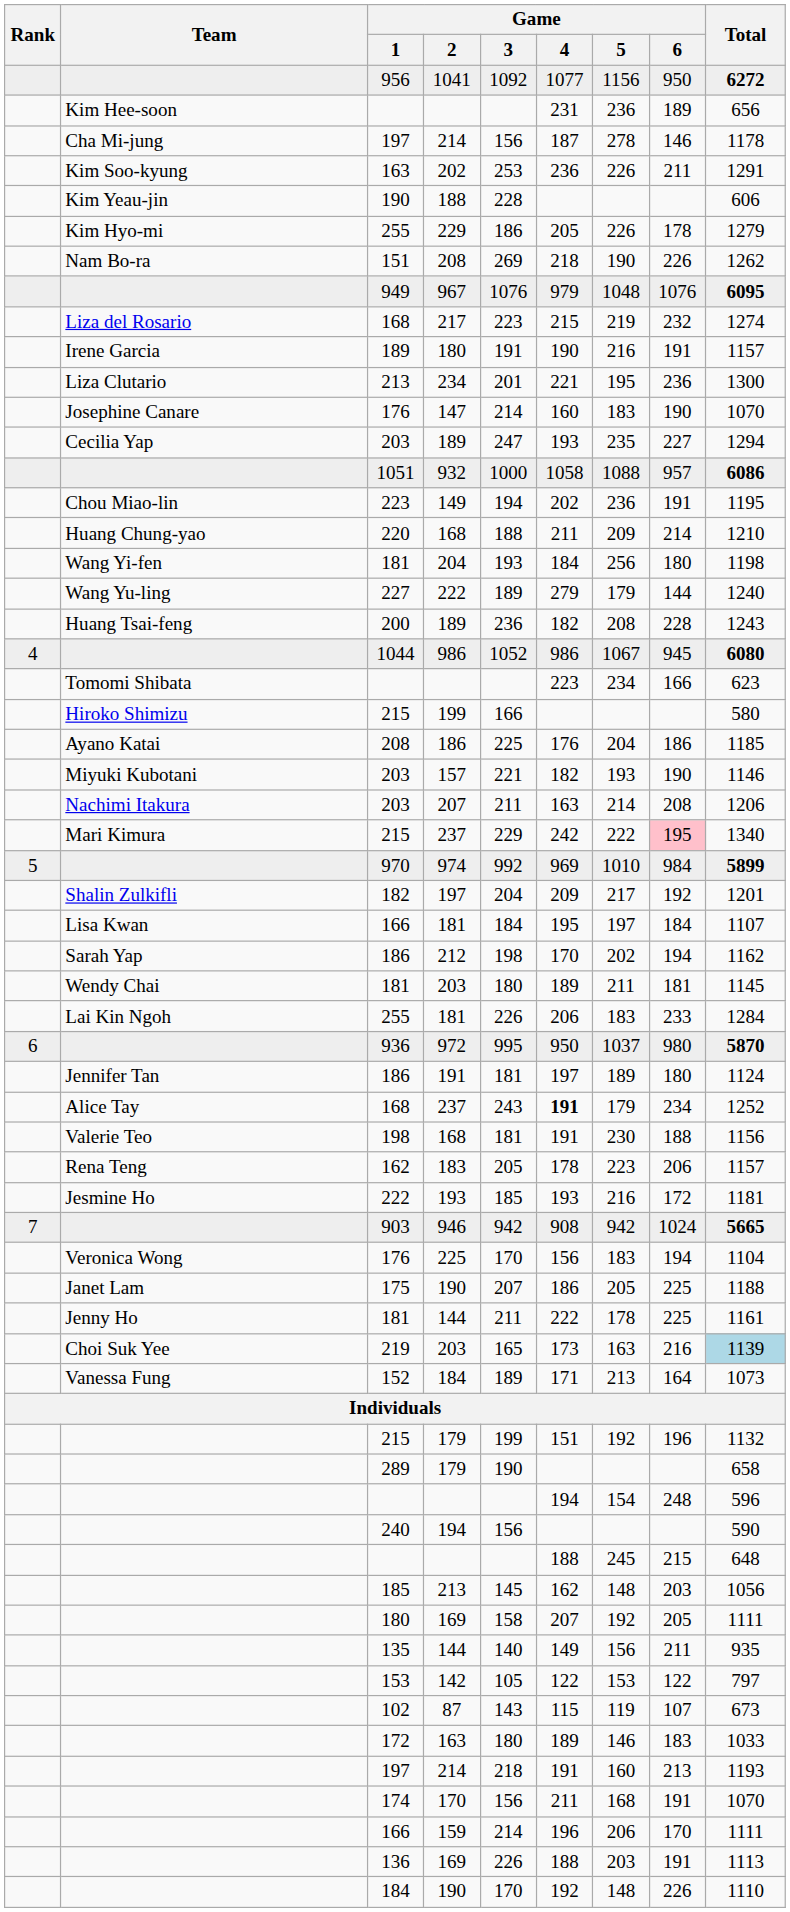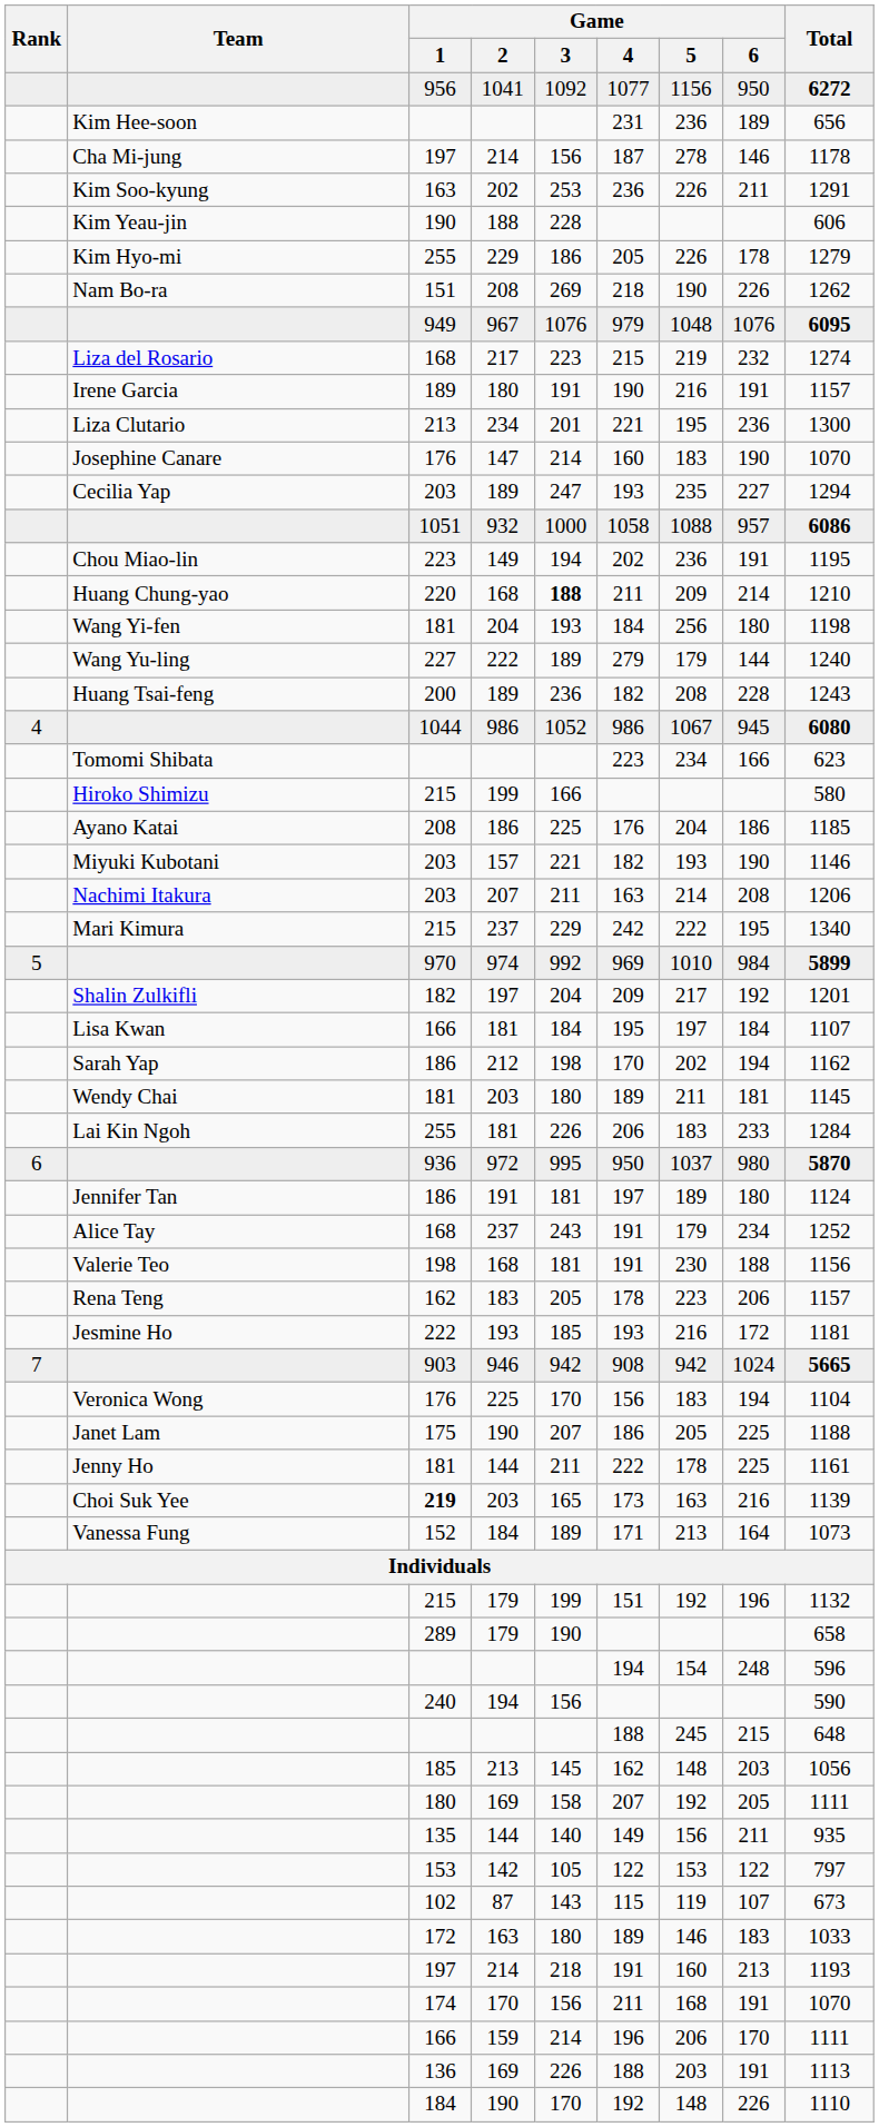 <table class=wikitable style="text-align:center">
 <tr>
 <th rowspan="2" width=40>Rank</th>
 <th rowspan="2" width=250>Team</th>
 <th colspan="6">Game</th>
 <th rowspan="2" width=60>Total</th>
 </tr>
 <tr>
 <th width=40>1</th>
 <th width=40>2</th>
 <th width=40>3</th>
 <th width=40>4</th>
 <th width=40>5</th>
 <th width=40>6</th>
 </tr>
 <tr bgcolor=eeeeee>
 <td></td>
 <td align="left"></td>
 <td>956</td>
 <td>1041</td>
 <td>1092</td>
 <td>1077</td>
 <td>1156</td>
 <td>950</td>
 <td><strong>6272</strong></td>
 </tr>
 <tr>
 <td></td>
 <td align=left>Kim Hee-soon</td>
 <td></td>
 <td></td>
 <td></td>
 <td>231</td>
 <td>236</td>
 <td>189</td>
 <td>656</td>
 </tr>
 <tr>
 <td></td>
 <td align=left>Cha Mi-jung</td>
 <td>197</td>
 <td>214</td>
 <td>156</td>
 <td>187</td>
 <td>278</td>
 <td>146</td>
 <td>1178</td>
 </tr>
 <tr>
 <td></td>
 <td align=left>Kim Soo-kyung</td>
 <td>163</td>
 <td>202</td>
 <td>253</td>
 <td>236</td>
 <td>226</td>
 <td>211</td>
 <td>1291</td>
 </tr>
 <tr>
 <td></td>
 <td align=left>Kim Yeau-jin</td>
 <td>190</td>
 <td>188</td>
 <td>228</td>
 <td></td>
 <td></td>
 <td></td>
 <td>606</td>
 </tr>
 <tr>
 <td></td>
 <td align=left>Kim Hyo-mi</td>
 <td>255</td>
 <td>229</td>
 <td>186</td>
 <td>205</td>
 <td>226</td>
 <td>178</td>
 <td>1279</td>
 </tr>
 <tr>
 <td></td>
 <td align=left>Nam Bo-ra</td>
 <td>151</td>
 <td>208</td>
 <td>269</td>
 <td>218</td>
 <td>190</td>
 <td>226</td>
 <td>1262</td>
 </tr>
 <tr bgcolor=eeeeee>
 <td></td>
 <td align="left"></td>
 <td>949</td>
 <td>967</td>
 <td>1076</td>
 <td>979</td>
 <td>1048</td>
 <td>1076</td>
 <td><strong>6095</strong></td>
 </tr>
 <tr>
 <td></td>
 <td align=left><a href='#'>Liza del Rosario</a></td>
 <td>168</td>
 <td>217</td>
 <td>223</td>
 <td>215</td>
 <td>219</td>
 <td>232</td>
 <td>1274</td>
 </tr>
 <tr>
 <td></td>
 <td align=left>Irene Garcia</td>
 <td>189</td>
 <td>180</td>
 <td>191</td>
 <td>190</td>
 <td>216</td>
 <td>191</td>
 <td>1157</td>
 </tr>
 <tr>
 <td></td>
 <td align=left>Liza Clutario</td>
 <td>213</td>
 <td>234</td>
 <td>201</td>
 <td>221</td>
 <td>195</td>
 <td>236</td>
 <td>1300</td>
 </tr>
 <tr>
 <td></td>
 <td align=left>Josephine Canare</td>
 <td>176</td>
 <td>147</td>
 <td>214</td>
 <td>160</td>
 <td>183</td>
 <td>190</td>
 <td>1070</td>
 </tr>
 <tr>
 <td></td>
 <td align=left>Cecilia Yap</td>
 <td>203</td>
 <td>189</td>
 <td>247</td>
 <td>193</td>
 <td>235</td>
 <td>227</td>
 <td>1294</td>
 </tr>
 <tr bgcolor=eeeeee>
 <td></td>
 <td align="left"></td>
 <td>1051</td>
 <td>932</td>
 <td>1000</td>
 <td>1058</td>
 <td>1088</td>
 <td>957</td>
 <td><strong>6086</strong></td>
 </tr>
 <tr>
 <td></td>
 <td align=left>Chou Miao-lin</td>
 <td>223</td>
 <td>149</td>
 <td>194</td>
 <td>202</td>
 <td>236</td>
 <td>191</td>
 <td>1195</td>
 </tr>
 <tr>
 <td></td>
 <td align=left>Huang Chung-yao</td>
 <td>220</td>
 <td>168</td>
-<td>188</td>
+<td><strong>188</strong></td>
 <td>211</td>
 <td>209</td>
 <td>214</td>
 <td>1210</td>
 </tr>
 <tr>
 <td></td>
 <td align=left>Wang Yi-fen</td>
 <td>181</td>
 <td>204</td>
 <td>193</td>
 <td>184</td>
 <td>256</td>
 <td>180</td>
 <td>1198</td>
 </tr>
 <tr>
 <td></td>
 <td align=left>Wang Yu-ling</td>
 <td>227</td>
 <td>222</td>
 <td>189</td>
 <td>279</td>
 <td>179</td>
 <td>144</td>
 <td>1240</td>
 </tr>
 <tr>
 <td></td>
 <td align=left>Huang Tsai-feng</td>
 <td>200</td>
 <td>189</td>
 <td>236</td>
 <td>182</td>
 <td>208</td>
 <td>228</td>
 <td>1243</td>
 </tr>
 <tr bgcolor=eeeeee>
 <td>4</td>
 <td align="left"></td>
 <td>1044</td>
 <td>986</td>
 <td>1052</td>
 <td>986</td>
 <td>1067</td>
 <td>945</td>
 <td><strong>6080</strong></td>
 </tr>
 <tr>
 <td></td>
 <td align=left>Tomomi Shibata</td>
 <td></td>
 <td></td>
 <td></td>
 <td>223</td>
 <td>234</td>
 <td>166</td>
 <td>623</td>
 </tr>
 <tr>
 <td></td>
 <td align=left><a href='#'>Hiroko Shimizu</a></td>
 <td>215</td>
 <td>199</td>
 <td>166</td>
 <td></td>
 <td></td>
 <td></td>
 <td>580</td>
 </tr>
 <tr>
 <td></td>
 <td align=left>Ayano Katai</td>
 <td>208</td>
 <td>186</td>
 <td>225</td>
 <td>176</td>
 <td>204</td>
 <td>186</td>
 <td>1185</td>
 </tr>
 <tr>
 <td></td>
 <td align=left>Miyuki Kubotani</td>
 <td>203</td>
 <td>157</td>
 <td>221</td>
 <td>182</td>
 <td>193</td>
 <td>190</td>
 <td>1146</td>
 </tr>
 <tr>
 <td></td>
 <td align=left><a href='#'>Nachimi Itakura</a></td>
 <td>203</td>
 <td>207</td>
 <td>211</td>
 <td>163</td>
 <td>214</td>
 <td>208</td>
 <td>1206</td>
 </tr>
 <tr>
 <td></td>
 <td align=left>Mari Kimura</td>
 <td>215</td>
 <td>237</td>
 <td>229</td>
 <td>242</td>
 <td>222</td>
-<td style="background: pink;">195</td>
+<td>195</td>
 <td>1340</td>
 </tr>
 <tr bgcolor=eeeeee>
 <td>5</td>
 <td align="left"></td>
 <td>970</td>
 <td>974</td>
 <td>992</td>
 <td>969</td>
 <td>1010</td>
 <td>984</td>
 <td><strong>5899</strong></td>
 </tr>
 <tr>
 <td></td>
 <td align=left><a href='#'>Shalin Zulkifli</a></td>
 <td>182</td>
 <td>197</td>
 <td>204</td>
 <td>209</td>
 <td>217</td>
 <td>192</td>
 <td>1201</td>
 </tr>
 <tr>
 <td></td>
 <td align=left>Lisa Kwan</td>
 <td>166</td>
 <td>181</td>
 <td>184</td>
 <td>195</td>
 <td>197</td>
 <td>184</td>
 <td>1107</td>
 </tr>
 <tr>
 <td></td>
 <td align=left>Sarah Yap</td>
 <td>186</td>
 <td>212</td>
 <td>198</td>
 <td>170</td>
 <td>202</td>
 <td>194</td>
 <td>1162</td>
 </tr>
 <tr>
 <td></td>
 <td align=left>Wendy Chai</td>
 <td>181</td>
 <td>203</td>
 <td>180</td>
 <td>189</td>
 <td>211</td>
 <td>181</td>
 <td>1145</td>
 </tr>
 <tr>
 <td></td>
 <td align=left>Lai Kin Ngoh</td>
 <td>255</td>
 <td>181</td>
 <td>226</td>
 <td>206</td>
 <td>183</td>
 <td>233</td>
 <td>1284</td>
 </tr>
 <tr bgcolor=eeeeee>
 <td>6</td>
 <td align="left"></td>
 <td>936</td>
 <td>972</td>
 <td>995</td>
 <td>950</td>
 <td>1037</td>
 <td>980</td>
 <td><strong>5870</strong></td>
 </tr>
 <tr>
 <td></td>
 <td align=left>Jennifer Tan</td>
 <td>186</td>
 <td>191</td>
 <td>181</td>
 <td>197</td>
 <td>189</td>
 <td>180</td>
 <td>1124</td>
 </tr>
 <tr>
 <td></td>
 <td align=left>Alice Tay</td>
 <td>168</td>
 <td>237</td>
 <td>243</td>
-<td><strong>191</strong></td>
+<td>191</td>
 <td>179</td>
 <td>234</td>
 <td>1252</td>
 </tr>
 <tr>
 <td></td>
 <td align=left>Valerie Teo</td>
 <td>198</td>
 <td>168</td>
 <td>181</td>
 <td>191</td>
 <td>230</td>
 <td>188</td>
 <td>1156</td>
 </tr>
 <tr>
 <td></td>
 <td align=left>Rena Teng</td>
 <td>162</td>
 <td>183</td>
 <td>205</td>
 <td>178</td>
 <td>223</td>
 <td>206</td>
 <td>1157</td>
 </tr>
 <tr>
 <td></td>
 <td align=left>Jesmine Ho</td>
 <td>222</td>
 <td>193</td>
 <td>185</td>
 <td>193</td>
 <td>216</td>
 <td>172</td>
 <td>1181</td>
 </tr>
 <tr bgcolor=eeeeee>
 <td>7</td>
 <td align="left"></td>
 <td>903</td>
 <td>946</td>
 <td>942</td>
 <td>908</td>
 <td>942</td>
 <td>1024</td>
 <td><strong>5665</strong></td>
 </tr>
 <tr>
 <td></td>
 <td align=left>Veronica Wong</td>
 <td>176</td>
 <td>225</td>
 <td>170</td>
 <td>156</td>
 <td>183</td>
 <td>194</td>
 <td>1104</td>
 </tr>
 <tr>
 <td></td>
 <td align=left>Janet Lam</td>
 <td>175</td>
 <td>190</td>
 <td>207</td>
 <td>186</td>
 <td>205</td>
 <td>225</td>
 <td>1188</td>
 </tr>
 <tr>
 <td></td>
 <td align=left>Jenny Ho</td>
 <td>181</td>
 <td>144</td>
 <td>211</td>
 <td>222</td>
 <td>178</td>
 <td>225</td>
 <td>1161</td>
 </tr>
 <tr>
 <td></td>
 <td align=left>Choi Suk Yee</td>
-<td>219</td>
+<td><strong>219</strong></td>
 <td>203</td>
 <td>165</td>
 <td>173</td>
 <td>163</td>
 <td>216</td>
-<td style="background: lightblue;">1139</td>
+<td>1139</td>
 </tr>
 <tr>
 <td></td>
 <td align=left>Vanessa Fung</td>
 <td>152</td>
 <td>184</td>
 <td>189</td>
 <td>171</td>
 <td>213</td>
 <td>164</td>
 <td>1073</td>
 </tr>
 <tr>
 <th colspan="9">Individuals</th>
 </tr>
 <tr>
 <td></td>
 <td align="left"></td>
 <td>215</td>
 <td>179</td>
 <td>199</td>
 <td>151</td>
 <td>192</td>
 <td>196</td>
 <td>1132</td>
 </tr>
 <tr>
 <td></td>
 <td align="left"></td>
 <td>289</td>
 <td>179</td>
 <td>190</td>
 <td></td>
 <td></td>
 <td></td>
 <td>658</td>
 </tr>
 <tr>
 <td></td>
 <td align="left"></td>
 <td></td>
 <td></td>
 <td></td>
 <td>194</td>
 <td>154</td>
 <td>248</td>
 <td>596</td>
 </tr>
 <tr>
 <td></td>
 <td align="left"></td>
 <td>240</td>
 <td>194</td>
 <td>156</td>
 <td></td>
 <td></td>
 <td></td>
 <td>590</td>
 </tr>
 <tr>
 <td></td>
 <td align="left"></td>
 <td></td>
 <td></td>
 <td></td>
 <td>188</td>
 <td>245</td>
 <td>215</td>
 <td>648</td>
 </tr>
 <tr>
 <td></td>
 <td align="left"></td>
 <td>185</td>
 <td>213</td>
 <td>145</td>
 <td>162</td>
 <td>148</td>
 <td>203</td>
 <td>1056</td>
 </tr>
 <tr>
 <td></td>
 <td align="left"></td>
 <td>180</td>
 <td>169</td>
 <td>158</td>
 <td>207</td>
 <td>192</td>
 <td>205</td>
 <td>1111</td>
 </tr>
 <tr>
 <td></td>
 <td align="left"></td>
 <td>135</td>
 <td>144</td>
 <td>140</td>
 <td>149</td>
 <td>156</td>
 <td>211</td>
 <td>935</td>
 </tr>
 <tr>
 <td></td>
 <td align="left"></td>
 <td>153</td>
 <td>142</td>
 <td>105</td>
 <td>122</td>
 <td>153</td>
 <td>122</td>
 <td>797</td>
 </tr>
 <tr>
 <td></td>
 <td align="left"></td>
 <td>102</td>
 <td>87</td>
 <td>143</td>
 <td>115</td>
 <td>119</td>
 <td>107</td>
 <td>673</td>
 </tr>
 <tr>
 <td></td>
 <td align="left"></td>
 <td>172</td>
 <td>163</td>
 <td>180</td>
 <td>189</td>
 <td>146</td>
 <td>183</td>
 <td>1033</td>
 </tr>
 <tr>
 <td></td>
 <td align="left"></td>
 <td>197</td>
 <td>214</td>
 <td>218</td>
 <td>191</td>
 <td>160</td>
 <td>213</td>
 <td>1193</td>
 </tr>
 <tr>
 <td></td>
 <td align="left"></td>
 <td>174</td>
 <td>170</td>
 <td>156</td>
 <td>211</td>
 <td>168</td>
 <td>191</td>
 <td>1070</td>
 </tr>
 <tr>
 <td></td>
 <td align="left"></td>
 <td>166</td>
 <td>159</td>
 <td>214</td>
 <td>196</td>
 <td>206</td>
 <td>170</td>
 <td>1111</td>
 </tr>
 <tr>
 <td></td>
 <td align="left"></td>
 <td>136</td>
 <td>169</td>
 <td>226</td>
 <td>188</td>
 <td>203</td>
 <td>191</td>
 <td>1113</td>
 </tr>
 <tr>
 <td></td>
 <td align="left"></td>
 <td>184</td>
 <td>190</td>
 <td>170</td>
 <td>192</td>
 <td>148</td>
 <td>226</td>
 <td>1110</td>
 </tr>
 </table>
